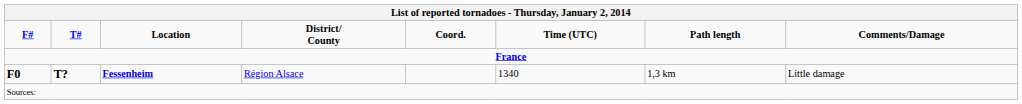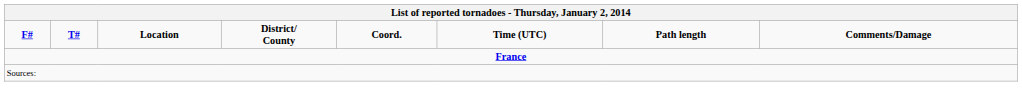 <table class="wikitable collapsible" width="100%">
 <tr>
 <th colspan="8">List of reported tornadoes - Thursday, January 2, 2014</th>
 </tr>
 <tr>
 <td style="text-align: center;"><strong><a href='#'>F#</a></strong></td>
 <td style="text-align: center;"><strong><a href='#'>T#</a></strong></td>
 <td style="text-align: center;"><strong>Location</strong></td>
 <td style="text-align: center;"><strong>District/<br>County</strong></td>
 <td style="text-align: center;"><strong>Coord.</strong></td>
 <td style="text-align: center;"><strong>Time (UTC)</strong></td>
 <td style="text-align: center;"><strong>Path length</strong></td>
 <td style="text-align: center;"><strong>Comments/Damage</strong></td>
 </tr>
 <tr>
 <td colspan="8" align=center><strong><a href='#'>France</a></strong></td>
 </tr>
 <tr>
-<td><big><strong>F0</strong></big></td>
-<td><big><strong>T?</strong></big></td>
-<td><strong><a href='#'>Fessenheim</a></strong></td>
-<td><a href='#'>Région Alsace</a></td>
-<td></td>
-<td>1340</td>
-<td>1,3 km</td>
-<td>Little damage</td>
-</tr>
-<tr>
 <td colspan="8"><small>Sources:</small></td>
 </tr>
 </table>
